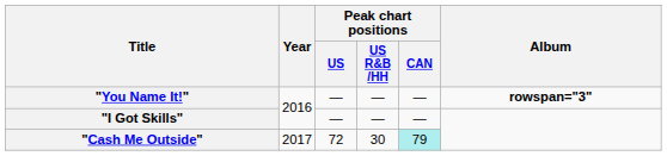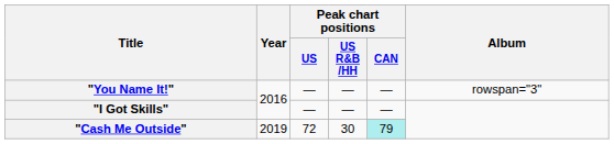 <table class="wikitable plainrowheaders" style="text-align:center;">
 <tr>
 <th rowspan="2" scope="col" style="width:20em;">Title</th>
 <th rowspan="2" scope="col" style="width:1.5em;">Year</th>
 <th colspan="3" scope="col">Peak chart positions</th>
 <th rowspan="2" scope="col" style="width:16em;">Album</th>
 </tr>
 <tr>
 <th scope="col" style="width:3em;font-size:90%;"><a href='#'>US</a><br></th>
 <th scope="col" style="width:3em;font-size:90%;"><a href='#'>US<br>R&B<br>/HH</a><br></th>
 <th scope="col" style="width:3em;font-size:90%;"><a href='#'>CAN</a><br></th>
 </tr>
 <tr>
 <th scope="row">"<a href='#'>You Name It!</a>"<br></th>
 <td rowspan="2">2016</td>
 <td>—</td>
 <td>—</td>
 <td>—</td>
-<td><strong>rowspan="3" </strong></td>
+<td>rowspan="3" </td>
 </tr>
 <tr>
 <th scope="row">"I Got Skills"<br></th>
 <td>—</td>
 <td>—</td>
 <td>—</td>
 </tr>
 <tr>
 <th scope="row">"<a href='#'>Cash Me Outside</a>"</th>
-<td>2017</td>
+<td>2019</td>
 <td>72</td>
 <td>30</td>
 <td style="background: paleturquoise;">79</td>
 </tr>
 </table>
